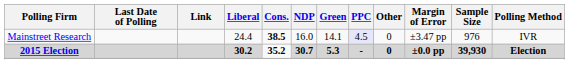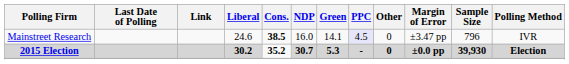 <table class="wikitable sortable" style="text-align:center;font-size:90%;line-height:14px;">
 <tr style="background:#e9e9e9;">
 <th style="width:120px">Polling Firm</th>
 <th style="width:110px">Last Date<br>of Polling</th>
 <th style="width:60px" class="unsortable">Link</th>
 <th style="background-color:"><strong><a href='#'>Liberal</a></strong></th>
 <th style="background-color:"><strong><a href='#'>Cons.</a></strong></th>
 <th style="background-color:"><strong><a href='#'>NDP</a></strong></th>
 <th style="background-color:"><strong><a href='#'>Green</a></strong></th>
 <th style="background-color:"><strong><a href='#'>PPC</a></strong></th>
 <th style="background-color:"><strong>Other</strong></th>
 <th style="width:60px;" class="unsortable">Margin<br>of Error</th>
 <th style="width:50px;" class="unsortable">Sample<br>Size</th>
 <th class="unsortable">Polling Method</th>
 </tr>
 <tr>
 <td><a href='#'>Mainstreet Research</a></td>
 <td></td>
 <td></td>
-<td>24.4</td>
+<td>24.6</td>
 <td><strong>38.5</strong></td>
 <td>16.0</td>
 <td>14.1</td>
 <td style="background: lavender;">4.5</td>
 <td>0</td>
 <td>±3.47 pp</td>
-<td>976</td>
+<td>796</td>
 <td>IVR</td>
 </tr>
 <tr>
 <td style="background:#D5D5D5"><strong><a href='#'>2015 Election</a></strong></td>
 <td style="background:#D5D5D5"><strong></strong></td>
 <td style="background:#D5D5D5"></td>
 <td style="background:#D5D5D5"><strong>30.2</strong></td>
 <td><strong>35.2</strong></td>
 <td style="background:#D5D5D5"><strong>30.7</strong></td>
 <td style="background:#D5D5D5"><strong>5.3</strong></td>
 <td style="background:#D5D5D5"><strong>-</strong></td>
 <td style="background:#D5D5D5"><strong>0</strong></td>
 <td style="background:#D5D5D5"><strong>±0.0 pp</strong></td>
 <td style="background:#D5D5D5"><strong>39,930</strong></td>
 <td style="background:#D5D5D5"><strong>Election</strong></td>
 </tr>
 <tr>
 </tr>
 <tr>
 </tr>
 </table>
